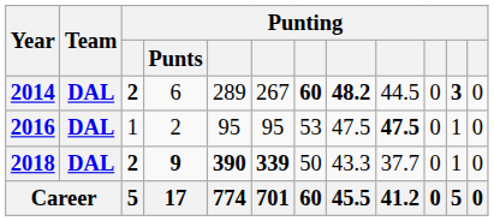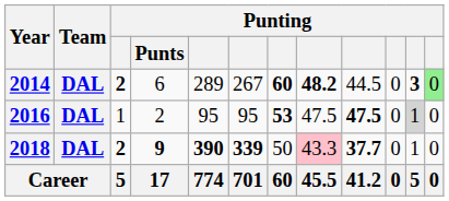 <table class=wikitable style="text-align:center;">
 <tr>
 <th rowspan="2">Year</th>
 <th rowspan="2">Team</th>
 <th colspan="10">Punting</th>
 </tr>
 <tr>
 <th></th>
 <th>Punts</th>
 <th></th>
 <th></th>
 <th></th>
 <th></th>
 <th></th>
 <th></th>
 <th></th>
 <th></th>
 </tr>
 <tr>
 <th><a href='#'>2014</a></th>
 <th><a href='#'>DAL</a></th>
 <td><strong>2</strong></td>
 <td>6</td>
 <td>289</td>
 <td>267</td>
 <td><strong>60</strong></td>
 <td><strong>48.2</strong></td>
 <td>44.5</td>
 <td>0</td>
 <td><strong>3</strong></td>
-<td>0</td>
+<td style="background: lightgreen;">0</td>
 </tr>
 <tr>
 <th><a href='#'>2016</a></th>
 <th><a href='#'>DAL</a></th>
 <td>1</td>
 <td>2</td>
 <td>95</td>
 <td>95</td>
-<td>53</td>
+<td><strong>53</strong></td>
 <td>47.5</td>
 <td><strong>47.5</strong></td>
 <td>0</td>
-<td>1</td>
+<td style="background: lightgrey;">1</td>
 <td>0</td>
 </tr>
 <tr>
 <th><a href='#'>2018</a></th>
 <th><a href='#'>DAL</a></th>
 <td><strong>2</strong></td>
 <td><strong>9</strong></td>
 <td><strong>390</strong></td>
 <td><strong>339</strong></td>
 <td>50</td>
-<td>43.3</td>
-<td>37.7</td>
+<td style="background: pink;">43.3</td>
+<td><strong>37.7</strong></td>
 <td>0</td>
 <td>1</td>
 <td>0</td>
 </tr>
 <tr>
 <th colspan="2">Career</th>
 <th>5</th>
 <th>17</th>
 <th>774</th>
 <th>701</th>
 <th>60</th>
 <th>45.5</th>
 <th>41.2</th>
 <th>0</th>
 <th>5</th>
 <th>0</th>
 </tr>
 </table>
